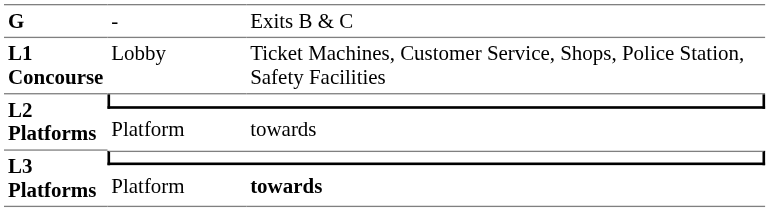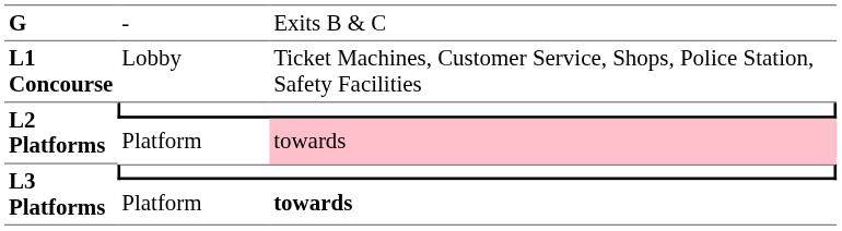 <table border=0 cellspacing=0 cellpadding=3>
 <tr>
 <td style="border-top:solid 1px gray;" width=50 valign=top><strong>G</strong></td>
 <td style="border-top:solid 1px gray;" width=100 valign=top>-</td>
 <td style="border-top:solid 1px gray;" width=390 valign=top>Exits B & C</td>
 </tr>
 <tr>
 <td style="border-bottom:solid 1px gray; border-top:solid 1px gray;" valign=top><strong>L1<br>Concourse</strong></td>
 <td style="border-bottom:solid 1px gray; border-top:solid 1px gray;" valign=top>Lobby</td>
 <td style="border-bottom:solid 1px gray; border-top:solid 1px gray;" valign=top>Ticket Machines, Customer Service, Shops, Police Station, Safety Facilities</td>
 </tr>
 <tr>
 <td style="border-bottom:solid 1px gray;" rowspan=2 valign=top><strong>L2<br>Platforms</strong></td>
 <td style="border-right:solid 2px black;border-left:solid 2px black;border-bottom:solid 2px black;text-align:center;" colspan=2></td>
 </tr>
 <tr>
 <td>Platform </td>
-<td>  towards  </td>
+<td style="background: pink;">  towards  </td>
 </tr>
 <tr>
 <td style="border-bottom:solid 1px gray;" rowspan=2 valign=top><strong>L3<br>Platforms</strong></td>
 <td style="border-right:solid 2px black;border-left:solid 2px black;border-bottom:solid 2px black;border-top:solid 1px gray;text-align:center;" colspan=2></td>
 </tr>
 <tr>
 <td style="border-bottom:solid 1px gray;">Platform </td>
 <td style="border-bottom:solid 1px gray;"><strong> towards   </strong></td>
 </tr>
 </table>
